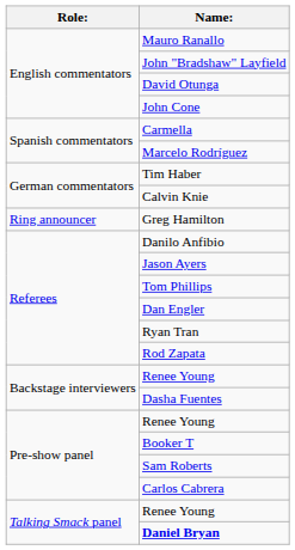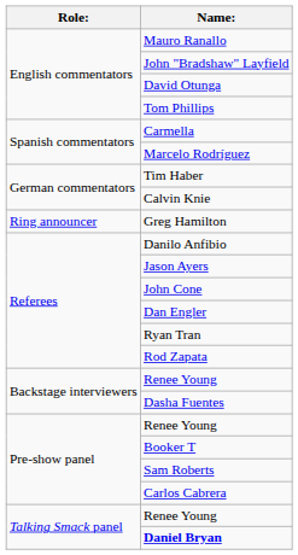 <table class=wikitable style="font-size:90%; margin: 0.5em 0 0.5em 1em; float: right; clear: right;">
 <tr>
 <th>Role:</th>
 <th>Name:</th>
 </tr>
 <tr>
 <td rowspan=4>English commentators</td>
 <td><a href='#'>Mauro Ranallo</a></td>
 </tr>
 <tr>
 <td><a href='#'>John "Bradshaw" Layfield</a></td>
 </tr>
 <tr>
 <td><a href='#'>David Otunga</a></td>
 </tr>
 <tr>
-<td><a href='#'>John Cone</a></td>
+<td><a href='#'>Tom Phillips</a></td>
 </tr>
 <tr>
 <td rowspan=2>Spanish commentators</td>
 <td><a href='#'>Carmella</a></td>
 </tr>
 <tr>
 <td><a href='#'>Marcelo Rodríguez</a></td>
 </tr>
 <tr>
 <td rowspan=2>German commentators</td>
 <td>Tim Haber</td>
 </tr>
 <tr>
 <td>Calvin Knie</td>
 </tr>
 <tr>
 <td rowspan=1><a href='#'>Ring announcer</a></td>
 <td>Greg Hamilton</td>
 </tr>
 <tr>
 <td rowspan=6><a href='#'>Referees</a></td>
 <td>Danilo Anfibio</td>
 </tr>
 <tr>
 <td><a href='#'>Jason Ayers</a></td>
 </tr>
 <tr>
-<td><a href='#'>Tom Phillips</a></td>
+<td><a href='#'>John Cone</a></td>
 </tr>
 <tr>
 <td><a href='#'>Dan Engler</a></td>
 </tr>
 <tr>
 <td>Ryan Tran</td>
 </tr>
 <tr>
 <td><a href='#'>Rod Zapata</a></td>
 </tr>
 <tr>
 <td rowspan=2>Backstage interviewers</td>
 <td><a href='#'>Renee Young</a></td>
 </tr>
 <tr>
 <td><a href='#'>Dasha Fuentes</a></td>
 </tr>
 <tr>
 <td rowspan=4>Pre-show panel</td>
 <td>Renee Young</td>
 </tr>
 <tr>
 <td><a href='#'>Booker T</a></td>
 </tr>
 <tr>
 <td><a href='#'>Sam Roberts</a></td>
 </tr>
 <tr>
 <td><a href='#'>Carlos Cabrera</a></td>
 </tr>
 <tr>
 <td rowspan=2><a href='#'><em>Talking Smack</em> panel</a></td>
 <td>Renee Young</td>
 </tr>
 <tr>
 <td><strong><a href='#'>Daniel Bryan</a></strong></td>
 </tr>
 </table>
